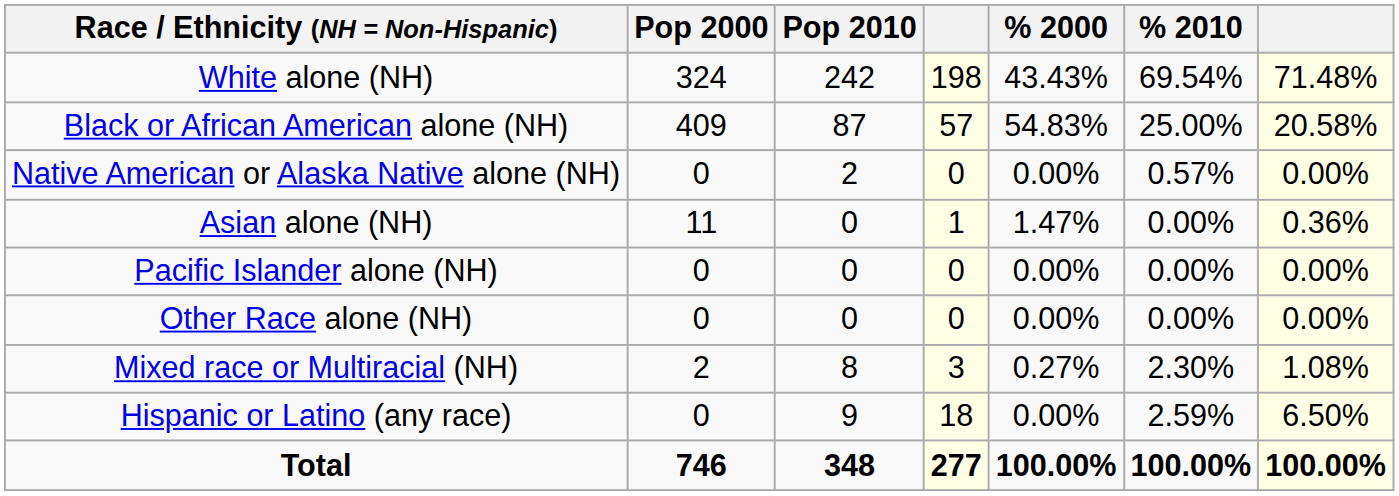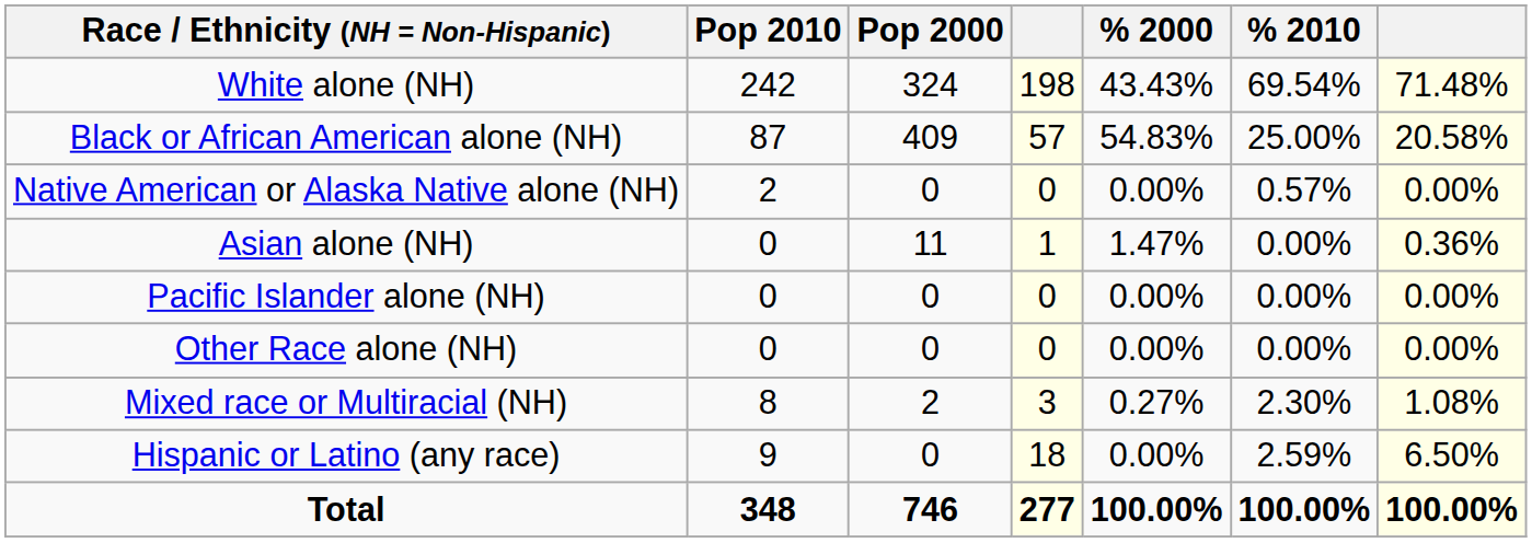 <table class="wikitable" style="text-align:center;">
 <tr>
 <th>Race / Ethnicity <small>(<em>NH = Non-Hispanic</em>)</small></th>
+<th>Pop 2010</th>
 <th>Pop 2000</th>
-<th>Pop 2010</th>
 <th></th>
 <th>% 2000</th>
 <th>% 2010</th>
 <th></th>
 </tr>
 <tr>
 <td><a href='#'>White</a> alone (NH)</td>
+<td>242</td>
 <td>324</td>
-<td>242</td>
 <td style='background: #ffffe6;'>198</td>
 <td>43.43%</td>
 <td>69.54%</td>
 <td style='background: #ffffe6;'>71.48%</td>
 </tr>
 <tr>
 <td><a href='#'>Black or African American</a> alone (NH)</td>
+<td>87</td>
 <td>409</td>
-<td>87</td>
 <td style='background: #ffffe6;'>57</td>
 <td>54.83%</td>
 <td>25.00%</td>
 <td style='background: #ffffe6;'>20.58%</td>
 </tr>
 <tr>
 <td><a href='#'>Native American</a> or <a href='#'>Alaska Native</a> alone (NH)</td>
+<td>2</td>
 <td>0</td>
-<td>2</td>
 <td style='background: #ffffe6;'>0</td>
 <td>0.00%</td>
 <td>0.57%</td>
 <td style='background: #ffffe6;'>0.00%</td>
 </tr>
 <tr>
 <td><a href='#'>Asian</a> alone (NH)</td>
+<td>0</td>
 <td>11</td>
-<td>0</td>
 <td style='background: #ffffe6;'>1</td>
 <td>1.47%</td>
 <td>0.00%</td>
 <td style='background: #ffffe6;'>0.36%</td>
 </tr>
 <tr>
 <td><a href='#'>Pacific Islander</a> alone (NH)</td>
 <td>0</td>
 <td>0</td>
 <td style='background: #ffffe6;'>0</td>
 <td>0.00%</td>
 <td>0.00%</td>
 <td style='background: #ffffe6;'>0.00%</td>
 </tr>
 <tr>
 <td><a href='#'>Other Race</a> alone (NH)</td>
 <td>0</td>
 <td>0</td>
 <td style='background: #ffffe6;'>0</td>
 <td>0.00%</td>
 <td>0.00%</td>
 <td style='background: #ffffe6;'>0.00%</td>
 </tr>
 <tr>
 <td><a href='#'>Mixed race or Multiracial</a> (NH)</td>
+<td>8</td>
 <td>2</td>
-<td>8</td>
 <td style='background: #ffffe6;'>3</td>
 <td>0.27%</td>
 <td>2.30%</td>
 <td style='background: #ffffe6;'>1.08%</td>
 </tr>
 <tr>
 <td><a href='#'>Hispanic or Latino</a> (any race)</td>
+<td>9</td>
 <td>0</td>
-<td>9</td>
 <td style='background: #ffffe6;'>18</td>
 <td>0.00%</td>
 <td>2.59%</td>
 <td style='background: #ffffe6;'>6.50%</td>
 </tr>
 <tr>
 <td><strong>Total</strong></td>
+<td><strong>348</strong></td>
 <td><strong>746</strong></td>
-<td><strong>348</strong></td>
 <td style='background: #ffffe6;'><strong>277</strong></td>
 <td><strong>100.00%</strong></td>
 <td><strong>100.00%</strong></td>
 <td style='background: #ffffe6;'><strong>100.00%</strong></td>
 </tr>
 </table>
